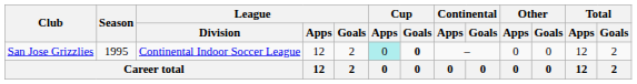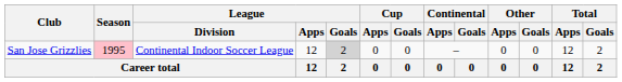 <table class="wikitable" style="text-align: center">
 <tr>
 <th rowspan="2">Club</th>
 <th rowspan="2">Season</th>
 <th colspan="3">League</th>
 <th colspan="2">Cup</th>
 <th colspan="2">Continental</th>
 <th colspan="2">Other</th>
 <th colspan="2">Total</th>
 </tr>
 <tr>
 <th>Division</th>
 <th>Apps</th>
 <th>Goals</th>
 <th>Apps</th>
 <th>Goals</th>
 <th>Apps</th>
 <th>Goals</th>
 <th>Apps</th>
 <th>Goals</th>
 <th>Apps</th>
 <th>Goals</th>
 </tr>
 <tr>
 <td><a href='#'>San Jose Grizzlies</a></td>
-<td>1995</td>
+<td style="background: pink;">1995</td>
 <td><a href='#'>Continental Indoor Soccer League</a></td>
 <td>12</td>
-<td>2</td>
-<td style="background: paleturquoise;">0</td>
-<td><strong>0</strong></td>
+<td style="background: lightgrey;">2</td>
+<td>0</td>
+<td>0</td>
 <td colspan="2">–</td>
 <td>0</td>
 <td>0</td>
 <td>12</td>
 <td>2</td>
 </tr>
 <tr>
 <th colspan="3"><strong>Career total</strong></th>
 <th>12</th>
 <th>2</th>
 <th>0</th>
 <th>0</th>
 <th>0</th>
 <th>0</th>
 <th>0</th>
 <th>0</th>
 <th>12</th>
 <th>2</th>
 </tr>
 </table>
